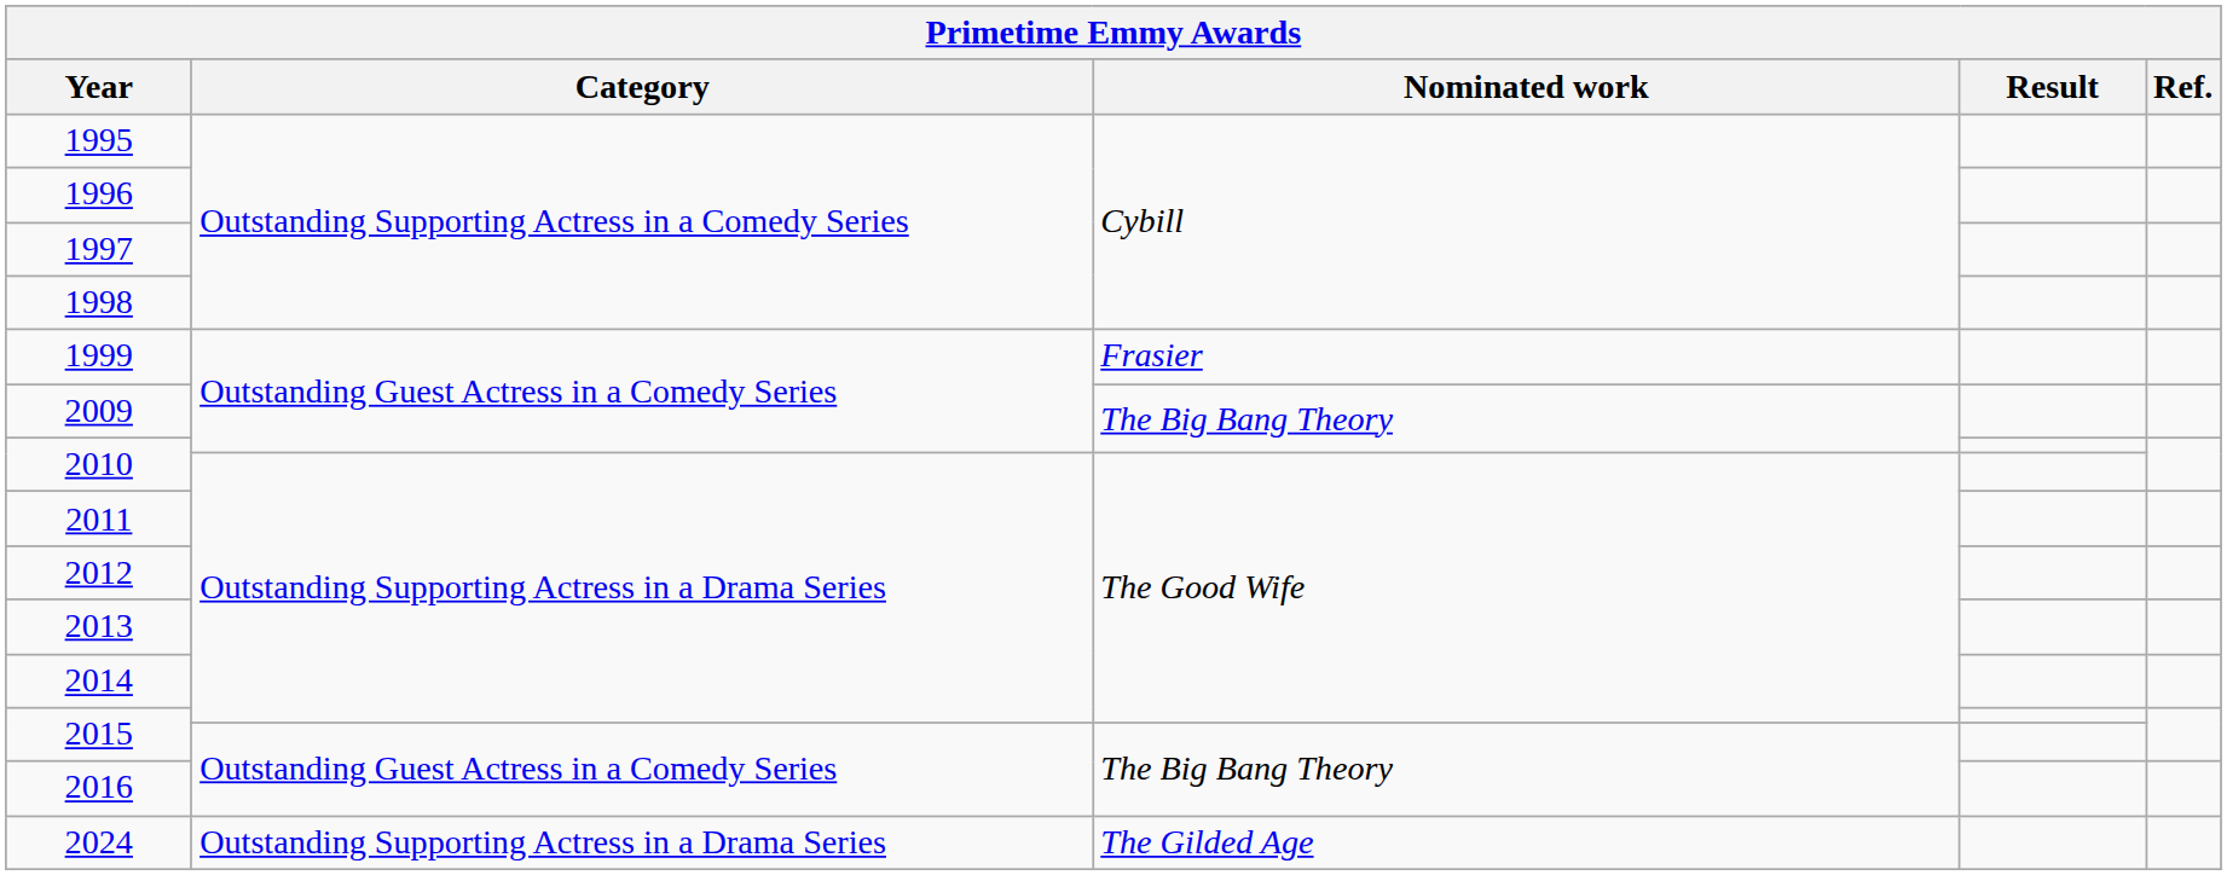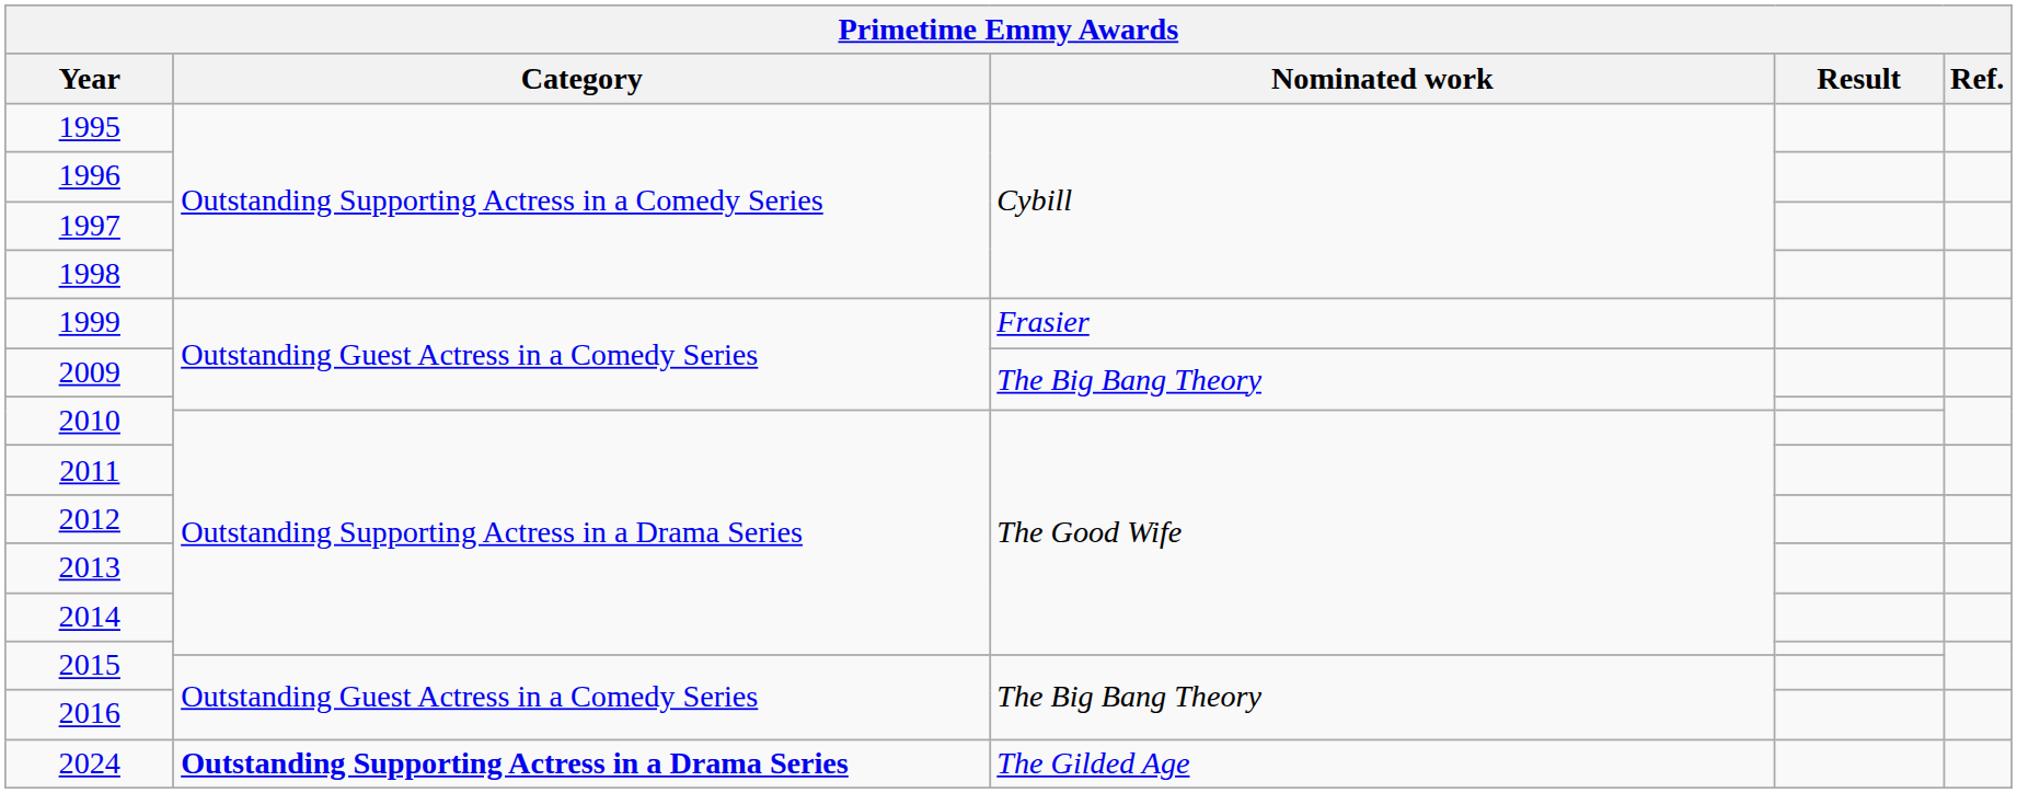 <table class=wikitable>
 <tr>
 <th colspan=5><a href='#'>Primetime Emmy Awards</a></th>
 </tr>
 <tr>
 <th scope="col" style="width:5em;">Year</th>
 <th scope="col" style="width:26em;">Category</th>
 <th scope="col" style="width:25em;">Nominated work</th>
 <th scope="col" style="width:5em;">Result</th>
 <th>Ref.</th>
 </tr>
 <tr>
 <td style="text-align:center;"><a href='#'>1995</a></td>
 <td rowspan=4><a href='#'>Outstanding Supporting Actress in a Comedy Series</a></td>
 <td rowspan=4><em>Cybill</em></td>
 <td></td>
 <td></td>
 </tr>
 <tr>
 <td style="text-align:center;"><a href='#'>1996</a></td>
 <td></td>
 <td></td>
 </tr>
 <tr>
 <td style="text-align:center;"><a href='#'>1997</a></td>
 <td></td>
 <td></td>
 </tr>
 <tr>
 <td style="text-align:center;"><a href='#'>1998</a></td>
 <td></td>
 <td></td>
 </tr>
 <tr>
 <td style="text-align:center;"><a href='#'>1999</a></td>
 <td rowspan=3><a href='#'>Outstanding Guest Actress in a Comedy Series</a></td>
 <td><em><a href='#'>Frasier</a></em></td>
 <td></td>
 <td></td>
 </tr>
 <tr>
 <td style="text-align:center;"><a href='#'>2009</a></td>
 <td rowspan=2><em><a href='#'>The Big Bang Theory</a></em></td>
 <td></td>
 <td></td>
 </tr>
 <tr>
 <td style="text-align:center;", rowspan=2><a href='#'>2010</a></td>
 <td></td>
 <td rowspan=2></td>
 </tr>
 <tr>
 <td rowspan=6><a href='#'>Outstanding Supporting Actress in a Drama Series</a></td>
 <td rowspan=6><em>The Good Wife</em></td>
 <td></td>
 </tr>
 <tr>
 <td style="text-align:center;"><a href='#'>2011</a></td>
 <td></td>
 <td></td>
 </tr>
 <tr>
 <td style="text-align:center;"><a href='#'>2012</a></td>
 <td></td>
 <td></td>
 </tr>
 <tr>
 <td style="text-align:center;"><a href='#'>2013</a></td>
 <td></td>
 <td></td>
 </tr>
 <tr>
 <td style="text-align:center;"><a href='#'>2014</a></td>
 <td></td>
 <td></td>
 </tr>
 <tr>
 <td style="text-align:center;", rowspan=2><a href='#'>2015</a></td>
 <td></td>
 <td rowspan=2></td>
 </tr>
 <tr>
 <td rowspan=2><a href='#'>Outstanding Guest Actress in a Comedy Series</a></td>
 <td rowspan=2><em>The Big Bang Theory</em></td>
 <td></td>
 </tr>
 <tr>
 <td style="text-align:center;"><a href='#'>2016</a></td>
 <td></td>
 <td></td>
 </tr>
 <tr>
 <td style="text-align:center;"><a href='#'>2024</a></td>
-<td rowspan=1><a href='#'>Outstanding Supporting Actress in a Drama Series</a></td>
+<td rowspan=1><strong><a href='#'>Outstanding Supporting Actress in a Drama Series</a></strong></td>
 <td rowspan=1><em><a href='#'>The Gilded Age</a></em></td>
 <td></td>
 <td></td>
 </tr>
 <tr>
 </tr>
 </table>
